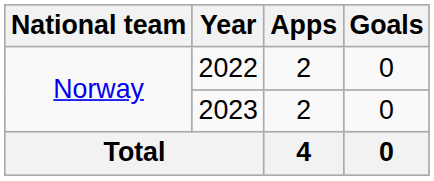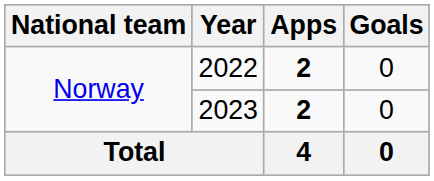 <table class=wikitable style=text-align:center>
 <tr>
 <th>National team</th>
 <th>Year</th>
 <th>Apps</th>
 <th>Goals</th>
 </tr>
 <tr>
 <td rowspan="2"><a href='#'>Norway</a></td>
 <td>2022</td>
-<td>2</td>
+<td><strong>2</strong></td>
 <td>0</td>
 </tr>
 <tr>
 <td>2023</td>
-<td>2</td>
+<td><strong>2</strong></td>
 <td>0</td>
 </tr>
 <tr>
 <th colspan="2">Total</th>
 <th>4</th>
 <th>0</th>
 </tr>
 </table>
